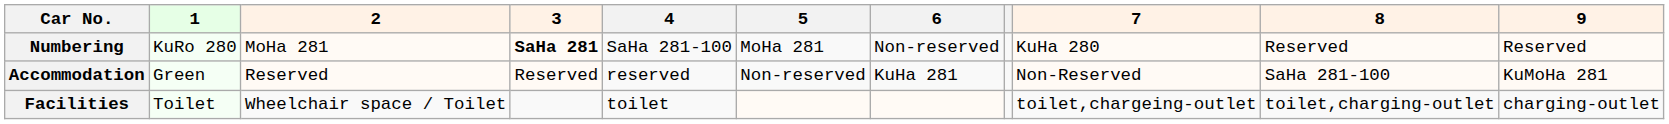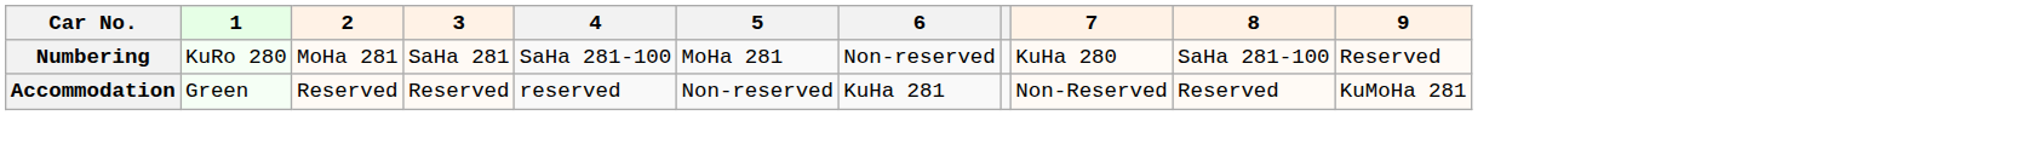 <table class="wikitable">
 <tr>
 <th>Car No.</th>
 <th style="background: #E6FFE6">1</th>
 <th style="background: #FFF2E6">2</th>
 <th style="background: #FFF2E6">3</th>
 <th>4</th>
 <th>5</th>
 <th>6</th>
 <th></th>
 <th style="background: #FFF2E6">7</th>
 <th style="background: #FFF2E6">8</th>
 <th style="background: #FFF2E6">9</th>
 </tr>
 <tr>
 <th>Numbering</th>
 <td style="background: #F5FFF5">KuRo 280</td>
 <td style="background: #FFFAF5">MoHa 281</td>
-<td style="background: #FFFAF5"><strong>SaHa 281</strong></td>
+<td style="background: #FFFAF5">SaHa 281</td>
 <td>SaHa 281-100</td>
 <td>MoHa 281</td>
 <td>Non-reserved</td>
 <td></td>
 <td style="background: #FFFAF5">KuHa 280</td>
-<td style="background: #FFFAF5">Reserved</td>
+<td style="background: #FFFAF5">SaHa 281-100</td>
 <td style="background: #FFFAF5">Reserved</td>
 </tr>
 <tr>
 <th>Accommodation</th>
 <td style="background: #F5FFF5">Green</td>
 <td style="background: #FFFAF5">Reserved</td>
 <td style="background: #FFFAF5">Reserved</td>
 <td>reserved</td>
 <td>Non-reserved</td>
 <td>KuHa 281</td>
 <td></td>
 <td style="background: #FFFAF5">Non-Reserved</td>
-<td style="background: #FFFAF5">SaHa 281-100</td>
+<td style="background: #FFFAF5">Reserved</td>
 <td style="background: #FFFAF5">KuMoHa 281</td>
 </tr>
-<tr>
-<th>Facilities</th>
-<td style="background: #F5FFF5">Toilet</td>
-<td style="background:">Wheelchair space / Toilet</td>
-<td Toilet> </td>
-<td>toilet</td>
-<td style="background: #FFFAF5"></td>
-<td style="background: #FFFAF5"></td>
-<td></td>
-<td>toilet,chargeing-outlet</td>
-<td>toilet,charging-outlet</td>
-<td>charging-outlet</td>
-</tr>
 </table>
